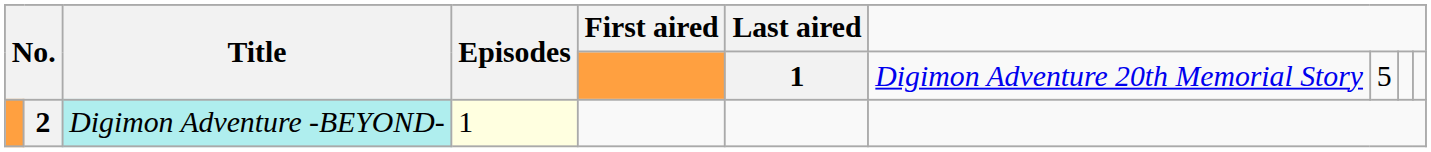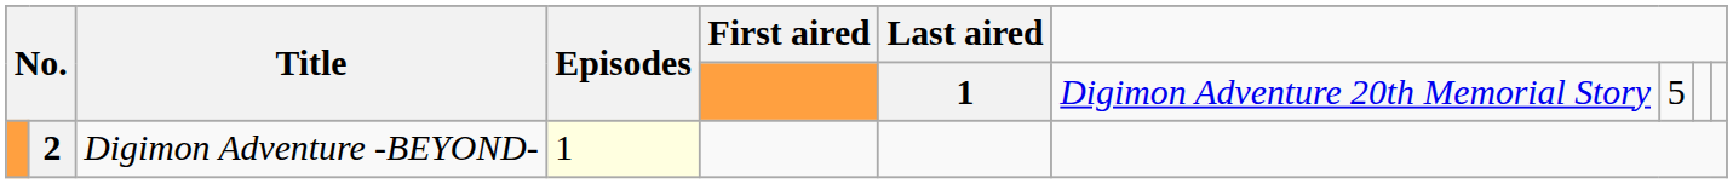 <table class="wikitable sortable">
 <tr>
 <th colspan="2" rowspan="2">No.</th>
 <th rowspan="2"><strong>Title</strong></th>
 <th rowspan="2">Episodes</th>
 <th>First aired</th>
 <th>Last aired</th>
 </tr>
 <tr>
 <th style="background:#FFA040"></th>
 <th>1</th>
 <td><em><a href='#'>Digimon Adventure 20th Memorial Story</a></em></td>
 <td>5</td>
 <td></td>
 <td></td>
 </tr>
 <tr>
 <th style="background:#FFA040"></th>
 <th>2</th>
-<td style="background: paleturquoise;"><em>Digimon Adventure -BEYOND-</em></td>
+<td><em>Digimon Adventure -BEYOND-</em></td>
 <td style="background: lightyellow;">1</td>
 <td></td>
 <td></td>
 </tr>
 </table>
